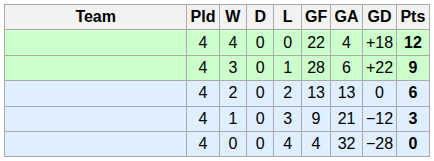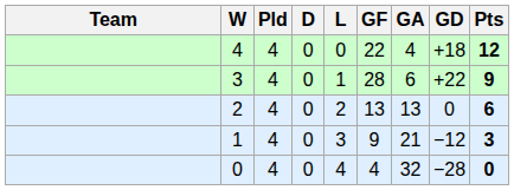 <table class=wikitable style="text-align:center">
 <tr>
 <th width=175>Team</th>
+<th width=20>W</th>
 <th width=20>Pld</th>
-<th width=20>W</th>
 <th width=20>D</th>
 <th width=20>L</th>
 <th width=20>GF</th>
 <th width=20>GA</th>
 <th width=20>GD</th>
 <th width=20>Pts</th>
 </tr>
 <tr style="background:#cfc;">
 <td align=left></td>
 <td>4</td>
 <td>4</td>
 <td>0</td>
 <td>0</td>
 <td>22</td>
 <td>4</td>
 <td>+18</td>
 <td><strong>12</strong></td>
 </tr>
 <tr style="background:#cfc;">
 <td align=left></td>
+<td>3</td>
 <td>4</td>
-<td>3</td>
 <td>0</td>
 <td>1</td>
 <td>28</td>
 <td>6</td>
 <td>+22</td>
 <td><strong>9</strong></td>
 </tr>
 <tr style="background:#dfefff;">
 <td align=left></td>
+<td>2</td>
 <td>4</td>
-<td>2</td>
 <td>0</td>
 <td>2</td>
 <td>13</td>
 <td>13</td>
 <td>0</td>
 <td><strong>6</strong></td>
 </tr>
 <tr style="background:#dfefff;">
 <td align=left></td>
+<td>1</td>
 <td>4</td>
-<td>1</td>
 <td>0</td>
 <td>3</td>
 <td>9</td>
 <td>21</td>
 <td>−12</td>
 <td><strong>3</strong></td>
 </tr>
 <tr style="background:#dfefff;">
 <td align=left></td>
+<td>0</td>
 <td>4</td>
-<td>0</td>
 <td>0</td>
 <td>4</td>
 <td>4</td>
 <td>32</td>
 <td>−28</td>
 <td><strong>0</strong></td>
 </tr>
 </table>
